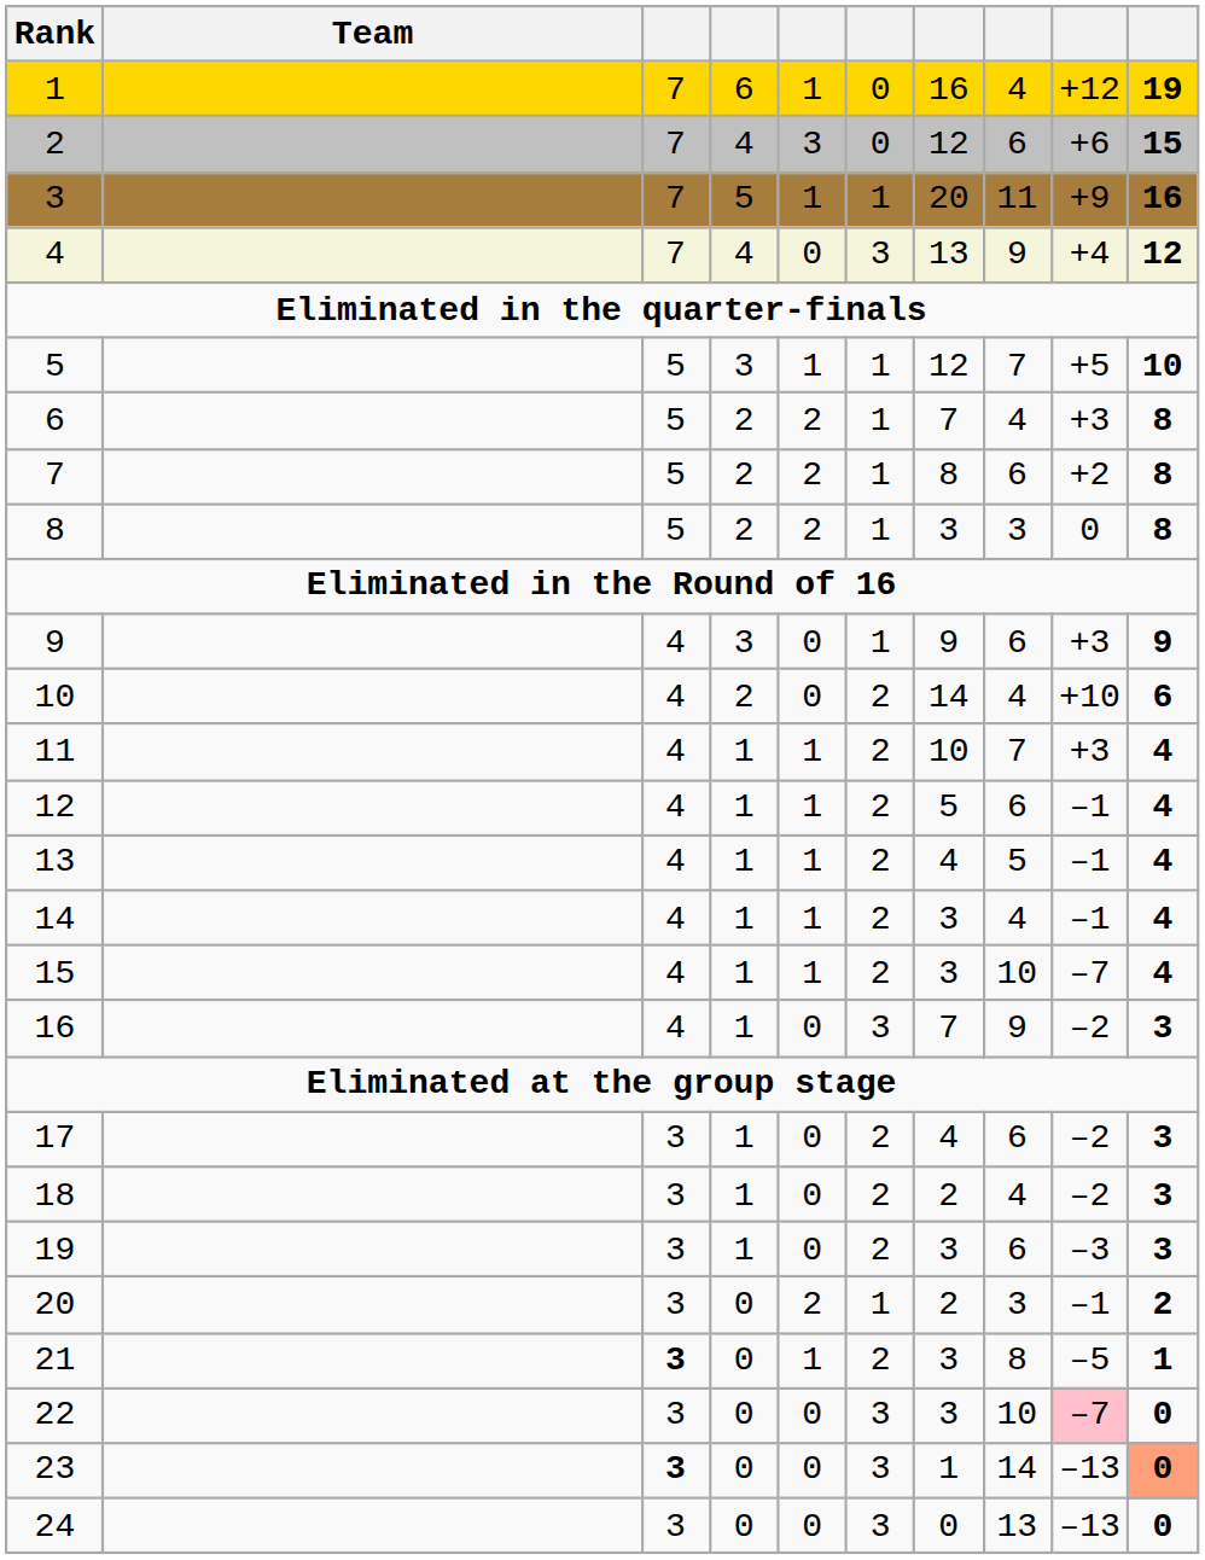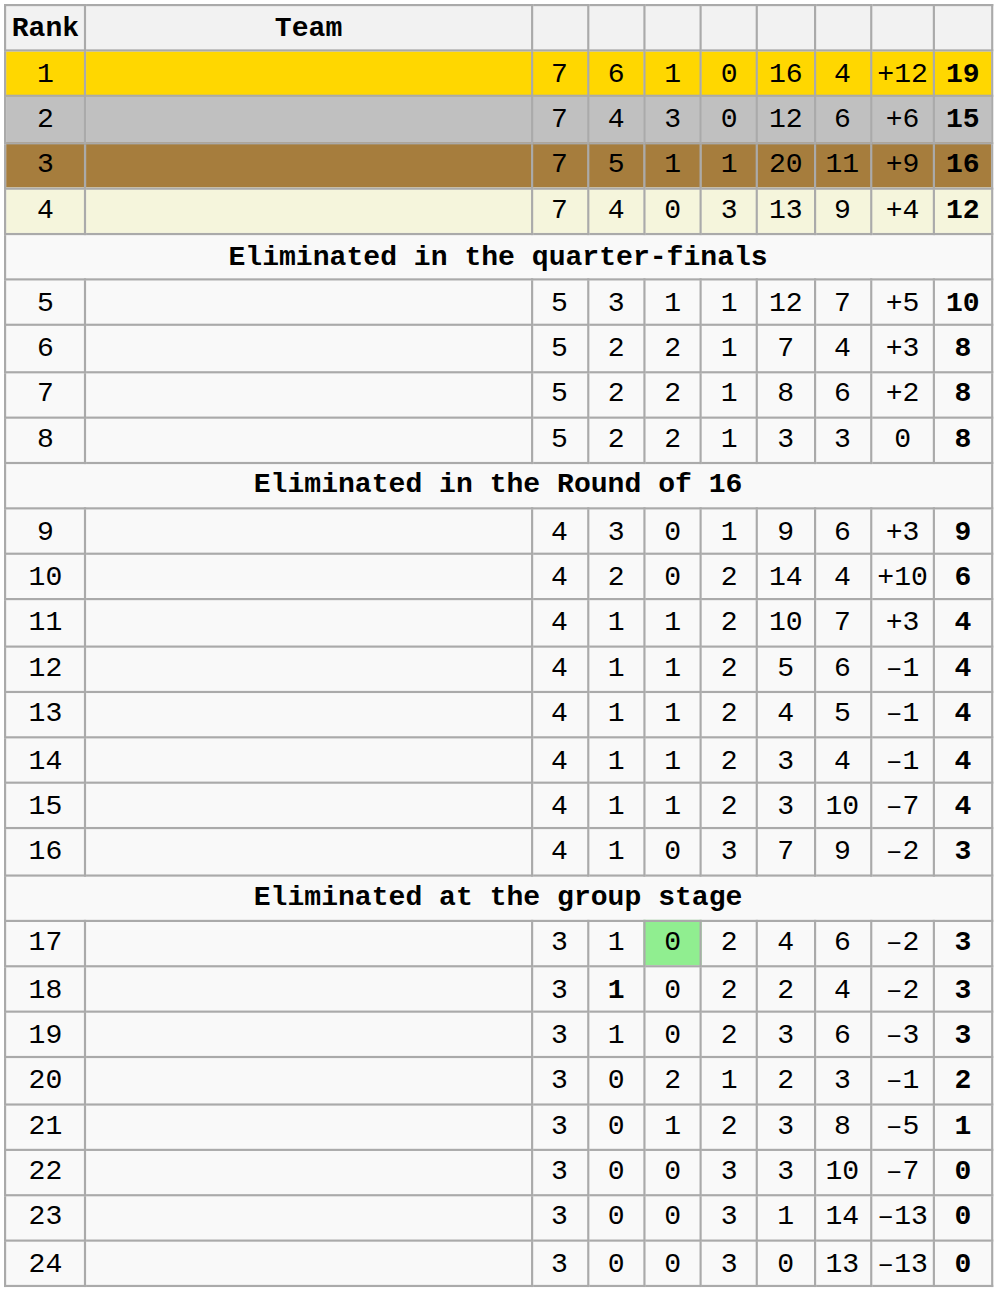 <table class="wikitable" style="text-align:center">
 <tr>
 <th width=20>Rank</th>
 <th width=200>Team</th>
 <th width="20"></th>
 <th width="20"></th>
 <th width="20"></th>
 <th width="20"></th>
 <th width="20"></th>
 <th width="20"></th>
 <th width="20"></th>
 <th width="20"></th>
 </tr>
 <tr style="background:gold;">
 <td>1</td>
 <td style="text-align:left;"></td>
 <td>7</td>
 <td>6</td>
 <td>1</td>
 <td>0</td>
 <td>16</td>
 <td>4</td>
 <td>+12</td>
 <td><strong>19</strong></td>
 </tr>
 <tr style="background:silver;">
 <td>2</td>
 <td style="text-align:left;"></td>
 <td>7</td>
 <td>4</td>
 <td>3</td>
 <td>0</td>
 <td>12</td>
 <td>6</td>
 <td>+6</td>
 <td><strong>15</strong></td>
 </tr>
 <tr style="background:#a67d3d;">
 <td>3</td>
 <td style="text-align:left;"></td>
 <td>7</td>
 <td>5</td>
 <td>1</td>
 <td>1</td>
 <td>20</td>
 <td>11</td>
 <td>+9</td>
 <td><strong>16</strong></td>
 </tr>
 <tr style="background:beige;">
 <td>4</td>
 <td style="text-align:left;"></td>
 <td>7</td>
 <td>4</td>
 <td>0</td>
 <td>3</td>
 <td>13</td>
 <td>9</td>
 <td>+4</td>
 <td><strong>12</strong></td>
 </tr>
 <tr>
 <td colspan="11"><strong>Eliminated in the quarter-finals</strong></td>
 </tr>
 <tr>
 <td>5</td>
 <td style="text-align:left;"></td>
 <td>5</td>
 <td>3</td>
 <td>1</td>
 <td>1</td>
 <td>12</td>
 <td>7</td>
 <td>+5</td>
 <td><strong>10</strong></td>
 </tr>
 <tr>
 <td>6</td>
 <td style="text-align:left;"></td>
 <td>5</td>
 <td>2</td>
 <td>2</td>
 <td>1</td>
 <td>7</td>
 <td>4</td>
 <td>+3</td>
 <td><strong>8</strong></td>
 </tr>
 <tr>
 <td>7</td>
 <td style="text-align:left;"></td>
 <td>5</td>
 <td>2</td>
 <td>2</td>
 <td>1</td>
 <td>8</td>
 <td>6</td>
 <td>+2</td>
 <td><strong>8</strong></td>
 </tr>
 <tr>
 <td>8</td>
 <td style="text-align:left;"></td>
 <td>5</td>
 <td>2</td>
 <td>2</td>
 <td>1</td>
 <td>3</td>
 <td>3</td>
 <td>0</td>
 <td><strong>8</strong></td>
 </tr>
 <tr>
 <td colspan="11"><strong>Eliminated in the Round of 16</strong></td>
 </tr>
 <tr>
 <td>9</td>
 <td style="text-align:left;"></td>
 <td>4</td>
 <td>3</td>
 <td>0</td>
 <td>1</td>
 <td>9</td>
 <td>6</td>
 <td>+3</td>
 <td><strong>9</strong></td>
 </tr>
 <tr>
 <td>10</td>
 <td style="text-align:left;"></td>
 <td>4</td>
 <td>2</td>
 <td>0</td>
 <td>2</td>
 <td>14</td>
 <td>4</td>
 <td>+10</td>
 <td><strong>6</strong></td>
 </tr>
 <tr>
 <td>11</td>
 <td style="text-align:left;"></td>
 <td>4</td>
 <td>1</td>
 <td>1</td>
 <td>2</td>
 <td>10</td>
 <td>7</td>
 <td>+3</td>
 <td><strong>4</strong></td>
 </tr>
 <tr>
 <td>12</td>
 <td style="text-align:left;"></td>
 <td>4</td>
 <td>1</td>
 <td>1</td>
 <td>2</td>
 <td>5</td>
 <td>6</td>
 <td>–1</td>
 <td><strong>4</strong></td>
 </tr>
 <tr>
 <td>13</td>
 <td style="text-align:left;"></td>
 <td>4</td>
 <td>1</td>
 <td>1</td>
 <td>2</td>
 <td>4</td>
 <td>5</td>
 <td>–1</td>
 <td><strong>4</strong></td>
 </tr>
 <tr>
 <td>14</td>
 <td style="text-align:left;"></td>
 <td>4</td>
 <td>1</td>
 <td>1</td>
 <td>2</td>
 <td>3</td>
 <td>4</td>
 <td>–1</td>
 <td><strong>4</strong></td>
 </tr>
 <tr>
 <td>15</td>
 <td style="text-align:left;"></td>
 <td>4</td>
 <td>1</td>
 <td>1</td>
 <td>2</td>
 <td>3</td>
 <td>10</td>
 <td>–7</td>
 <td><strong>4</strong></td>
 </tr>
 <tr>
 <td>16</td>
 <td style="text-align:left;"></td>
 <td>4</td>
 <td>1</td>
 <td>0</td>
 <td>3</td>
 <td>7</td>
 <td>9</td>
 <td>–2</td>
 <td><strong>3</strong></td>
 </tr>
 <tr>
 <td colspan="11"><strong>Eliminated at the group stage</strong></td>
 </tr>
 <tr>
 <td>17</td>
 <td style="text-align:left;"></td>
 <td>3</td>
 <td>1</td>
-<td>0</td>
+<td style="background: lightgreen;">0</td>
 <td>2</td>
 <td>4</td>
 <td>6</td>
 <td>–2</td>
 <td><strong>3</strong></td>
 </tr>
 <tr>
 <td>18</td>
 <td style="text-align:left;"></td>
 <td>3</td>
-<td>1</td>
+<td><strong>1</strong></td>
 <td>0</td>
 <td>2</td>
 <td>2</td>
 <td>4</td>
 <td>–2</td>
 <td><strong>3</strong></td>
 </tr>
 <tr>
 <td>19</td>
 <td style="text-align:left;"></td>
 <td>3</td>
 <td>1</td>
 <td>0</td>
 <td>2</td>
 <td>3</td>
 <td>6</td>
 <td>–3</td>
 <td><strong>3</strong></td>
 </tr>
 <tr>
 <td>20</td>
 <td style="text-align:left;"></td>
 <td>3</td>
 <td>0</td>
 <td>2</td>
 <td>1</td>
 <td>2</td>
 <td>3</td>
 <td>–1</td>
 <td><strong>2</strong></td>
 </tr>
 <tr>
 <td>21</td>
 <td style="text-align:left;"></td>
-<td><strong>3</strong></td>
+<td>3</td>
 <td>0</td>
 <td>1</td>
 <td>2</td>
 <td>3</td>
 <td>8</td>
 <td>–5</td>
 <td><strong>1</strong></td>
 </tr>
 <tr>
 <td>22</td>
 <td style="text-align:left;"></td>
 <td>3</td>
 <td>0</td>
 <td>0</td>
 <td>3</td>
 <td>3</td>
 <td>10</td>
-<td style="background: pink;">–7</td>
+<td>–7</td>
 <td><strong>0</strong></td>
 </tr>
 <tr>
 <td>23</td>
 <td style="text-align:left;"></td>
-<td><strong>3</strong></td>
+<td>3</td>
 <td>0</td>
 <td>0</td>
 <td>3</td>
 <td>1</td>
 <td>14</td>
 <td>–13</td>
-<td style="background: lightsalmon;"><strong>0</strong></td>
+<td><strong>0</strong></td>
 </tr>
 <tr>
 <td>24</td>
 <td style="text-align:left;"></td>
 <td>3</td>
 <td>0</td>
 <td>0</td>
 <td>3</td>
 <td>0</td>
 <td>13</td>
 <td>–13</td>
 <td><strong>0</strong></td>
 </tr>
 </table>
